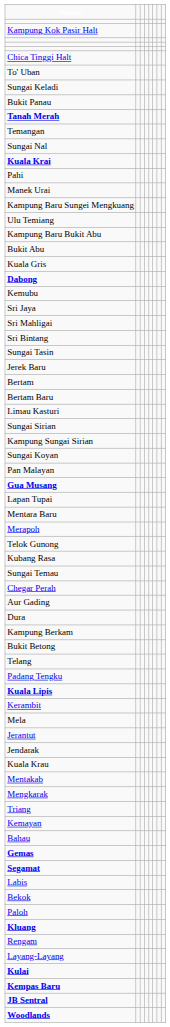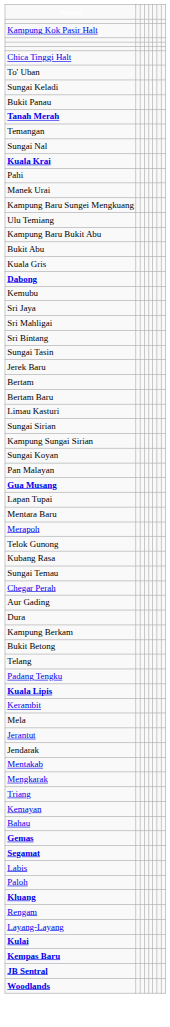 <table class="wikitable sortable" style="margin-left:1em; margin-bottom:1em; color:black; font-size:90%;">
 <tr align="center" style="color:white">
 <td><strong>Name</strong></td>
 <td></td>
 <td></td>
 <td></td>
 <td></td>
 <td></td>
 <td></td>
 <td></td>
 </tr>
 <tr>
 <td><strong></strong></td>
 <td align="center"></td>
 <td align="center"></td>
 <td align="center"></td>
 <td align="center"></td>
 <td></td>
 <td></td>
 <td></td>
 </tr>
 <tr>
 <td><a href='#'>Kampung Kok Pasir Halt</a></td>
 <td></td>
 <td></td>
 <td align="center"></td>
 <td align="center"></td>
 <td></td>
 <td></td>
 <td></td>
 </tr>
 <tr>
 <td><strong></strong></td>
 <td align="center"></td>
 <td align="center"></td>
 <td align="center"></td>
 <td align="center"></td>
 <td></td>
 <td></td>
 <td></td>
 </tr>
 <tr>
 <td></td>
 <td align="center"></td>
 <td align="center"></td>
 <td align="center"></td>
 <td></td>
 <td></td>
 <td></td>
 </tr>
 <tr>
 <td><strong></strong></td>
 <td align="center"></td>
 <td align="center"></td>
 <td align="center"></td>
 <td align="center"></td>
 <td></td>
 <td></td>
 <td></td>
 </tr>
 <tr>
 <td><a href='#'>Chica Tinggi Halt</a></td>
 <td></td>
 <td></td>
 <td align="center"></td>
 <td align="center"></td>
 <td></td>
 <td></td>
 <td></td>
 </tr>
 <tr>
 <td>To' Uban</td>
 <td></td>
 <td align="center"></td>
 <td align="center"></td>
 <td align="center"></td>
 <td></td>
 <td></td>
 <td></td>
 </tr>
 <tr>
 <td>Sungai Keladi</td>
 <td></td>
 <td></td>
 <td align="center"></td>
 <td align="center"></td>
 <td></td>
 <td></td>
 <td></td>
 </tr>
 <tr>
 <td>Bukit Panau</td>
 <td></td>
 <td align="center"></td>
 <td align="center"></td>
 <td align="center"></td>
 <td></td>
 <td></td>
 <td></td>
 </tr>
 <tr>
 <td><strong><a href='#'>Tanah Merah</a></strong></td>
 <td align="center"></td>
 <td align="center"></td>
 <td align="center"></td>
 <td align="center"></td>
 <td></td>
 <td></td>
 <td></td>
 </tr>
 <tr>
 <td>Temangan</td>
 <td align="center"></td>
 <td align="center"></td>
 <td align="center"></td>
 <td align="center"></td>
 <td></td>
 <td></td>
 <td></td>
 </tr>
 <tr>
 <td>Sungai Nal</td>
 <td></td>
 <td></td>
 <td align="center"></td>
 <td align="center"></td>
 <td></td>
 <td></td>
 <td></td>
 </tr>
 <tr>
 <td><strong><a href='#'>Kuala Krai</a></strong></td>
 <td align="center"></td>
 <td align="center"></td>
 <td align="center"></td>
 <td align="center"></td>
 <td></td>
 <td></td>
 <td></td>
 </tr>
 <tr>
 <td>Pahi</td>
 <td></td>
 <td align="center"></td>
 <td align="center"></td>
 <td align="center"></td>
 <td></td>
 <td></td>
 <td></td>
 </tr>
 <tr>
 <td>Manek Urai</td>
 <td></td>
 <td align="center"></td>
 <td align="center"></td>
 <td align="center"></td>
 <td></td>
 <td></td>
 <td></td>
 </tr>
 <tr>
 <td>Kampung Baru Sungei Mengkuang</td>
 <td></td>
 <td align="center"></td>
 <td align="center"></td>
 <td align="center"></td>
 <td></td>
 <td></td>
 <td></td>
 </tr>
 <tr>
 <td>Ulu Temiang</td>
 <td></td>
 <td align="center"></td>
 <td align="center"></td>
 <td align="center"></td>
 <td></td>
 <td></td>
 <td></td>
 </tr>
 <tr>
 <td>Kampung Baru Bukit Abu</td>
 <td></td>
 <td align="center"></td>
 <td align="center"></td>
 <td align="center"></td>
 <td></td>
 <td></td>
 <td></td>
 </tr>
 <tr>
 <td>Bukit Abu</td>
 <td></td>
 <td align="center"></td>
 <td align="center"></td>
 <td align="center"></td>
 <td></td>
 <td></td>
 <td></td>
 </tr>
 <tr>
 <td>Kuala Gris</td>
 <td></td>
 <td align="center"></td>
 <td align="center"></td>
 <td align="center"></td>
 <td></td>
 <td></td>
 <td></td>
 </tr>
 <tr>
 <td><strong><a href='#'>Dabong</a></strong></td>
 <td align="center"></td>
 <td align="center"></td>
 <td align="center"></td>
 <td align="center"></td>
 <td></td>
 <td></td>
 <td></td>
 </tr>
 <tr>
 <td>Kemubu</td>
 <td></td>
 <td align="center"></td>
 <td align="center"></td>
 <td></td>
 <td></td>
 <td></td>
 <td></td>
 </tr>
 <tr>
 <td>Sri Jaya</td>
 <td></td>
 <td align="center"></td>
 <td align="center"></td>
 <td></td>
 <td></td>
 <td></td>
 <td></td>
 </tr>
 <tr>
 <td>Sri Mahligai</td>
 <td></td>
 <td align="center"></td>
 <td align="center"></td>
 <td></td>
 <td></td>
 <td></td>
 <td></td>
 </tr>
 <tr>
 <td>Sri Bintang</td>
 <td></td>
 <td align="center"></td>
 <td align="center"></td>
 <td></td>
 <td></td>
 <td></td>
 <td></td>
 </tr>
 <tr>
 <td>Sungai Tasin</td>
 <td></td>
 <td align="center"></td>
 <td align="center"></td>
 <td></td>
 <td></td>
 <td></td>
 <td></td>
 </tr>
 <tr>
 <td>Jerek Baru</td>
 <td></td>
 <td align="center"></td>
 <td align="center"></td>
 <td></td>
 <td></td>
 <td></td>
 <td></td>
 </tr>
 <tr>
 <td>Bertam</td>
 <td></td>
 <td align="center"></td>
 <td align="center"></td>
 <td></td>
 <td></td>
 <td></td>
 <td></td>
 </tr>
 <tr>
 <td>Bertam Baru</td>
 <td></td>
 <td align="center"></td>
 <td align="center"></td>
 <td></td>
 <td></td>
 <td></td>
 <td></td>
 </tr>
 <tr>
 <td>Limau Kasturi</td>
 <td></td>
 <td align="center"></td>
 <td align="center"></td>
 <td></td>
 <td></td>
 <td></td>
 <td></td>
 </tr>
 <tr>
 <td>Sungai Sirian</td>
 <td></td>
 <td align="center"></td>
 <td align="center"></td>
 <td></td>
 <td></td>
 <td></td>
 <td></td>
 </tr>
 <tr>
 <td>Kampung Sungai Sirian</td>
 <td></td>
 <td align="center"></td>
 <td align="center"></td>
 <td></td>
 <td></td>
 <td></td>
 <td></td>
 </tr>
 <tr>
 <td>Sungai Koyan</td>
 <td></td>
 <td></td>
 <td></td>
 <td></td>
 <td></td>
 <td></td>
 <td></td>
 </tr>
 <tr>
 <td>Pan Malayan</td>
 <td></td>
 <td align="center"></td>
 <td align="center"></td>
 <td></td>
 <td></td>
 <td></td>
 <td></td>
 </tr>
 <tr>
 <td><strong><a href='#'>Gua Musang</a></strong></td>
 <td align="center"></td>
 <td align="center"></td>
 <td align="center"></td>
 <td></td>
 <td align="center"></td>
 <td></td>
 <td></td>
 </tr>
 <tr>
 <td>Lapan Tupai</td>
 <td></td>
 <td></td>
 <td></td>
 <td></td>
 <td></td>
 <td></td>
 <td></td>
 </tr>
 <tr>
 <td>Mentara Baru</td>
 <td></td>
 <td align="center"></td>
 <td></td>
 <td></td>
 <td align="center"></td>
 <td></td>
 <td></td>
 </tr>
 <tr>
 <td><a href='#'>Merapoh</a></td>
 <td align="center"></td>
 <td align="center"></td>
 <td></td>
 <td></td>
 <td align="center"></td>
 <td></td>
 <td></td>
 </tr>
 <tr>
 <td>Telok Gunong</td>
 <td></td>
 <td align="center"></td>
 <td></td>
 <td></td>
 <td align="center"></td>
 <td></td>
 <td></td>
 </tr>
 <tr>
 <td>Kubang Rasa</td>
 <td></td>
 <td></td>
 <td></td>
 <td></td>
 <td></td>
 <td></td>
 <td></td>
 </tr>
 <tr>
 <td>Sungai Temau</td>
 <td></td>
 <td align="center"></td>
 <td></td>
 <td></td>
 <td align="center"></td>
 <td></td>
 <td></td>
 </tr>
 <tr>
 <td><a href='#'>Chegar Perah</a></td>
 <td></td>
 <td align="center"></td>
 <td></td>
 <td></td>
 <td align="center"></td>
 <td></td>
 <td></td>
 </tr>
 <tr>
 <td>Aur Gading</td>
 <td></td>
 <td align="center"></td>
 <td></td>
 <td></td>
 <td align="center"></td>
 <td></td>
 <td></td>
 </tr>
 <tr>
 <td>Dura</td>
 <td></td>
 <td></td>
 <td></td>
 <td></td>
 <td></td>
 <td></td>
 <td></td>
 </tr>
 <tr>
 <td>Kampung Berkam</td>
 <td></td>
 <td align="center"></td>
 <td></td>
 <td></td>
 <td align="center"></td>
 <td></td>
 <td></td>
 </tr>
 <tr>
 <td>Bukit Betong</td>
 <td></td>
 <td align="center"></td>
 <td></td>
 <td></td>
 <td align="center"></td>
 <td></td>
 <td></td>
 </tr>
 <tr>
 <td>Telang</td>
 <td></td>
 <td></td>
 <td></td>
 <td></td>
 <td></td>
 <td></td>
 <td></td>
 </tr>
 <tr>
 <td><a href='#'>Padang Tengku</a></td>
 <td></td>
 <td align="center"></td>
 <td></td>
 <td></td>
 <td align="center"></td>
 <td></td>
 <td></td>
 </tr>
 <tr>
 <td><strong><a href='#'>Kuala Lipis</a></strong></td>
 <td align="center"></td>
 <td align="center"></td>
 <td></td>
 <td></td>
 <td align="center"></td>
 <td align="center"></td>
 <td></td>
 </tr>
 <tr>
 <td><a href='#'>Kerambit</a></td>
 <td align="center"></td>
 <td></td>
 <td></td>
 <td></td>
 <td></td>
 <td align="center"></td>
 <td></td>
 </tr>
 <tr>
 <td>Mela</td>
 <td></td>
 <td></td>
 <td></td>
 <td></td>
 <td></td>
 <td align="center"></td>
 <td></td>
 </tr>
 <tr>
 <td><a href='#'>Jerantut</a></td>
 <td align="center"></td>
 <td></td>
 <td></td>
 <td></td>
 <td></td>
 <td align="center"></td>
 <td></td>
 </tr>
 <tr>
 <td>Jendarak</td>
 <td></td>
 <td></td>
 <td></td>
 <td></td>
 <td></td>
 <td align="center"></td>
 <td></td>
 </tr>
 <tr>
-<td>Kuala Krau</td>
-<td align="center"></td>
-<td></td>
-<td></td>
-<td></td>
-<td></td>
-<td align="center"></td>
-<td></td>
-</tr>
-<tr>
 <td><a href='#'>Mentakab</a></td>
 <td align="center"></td>
 <td></td>
 <td></td>
 <td></td>
 <td></td>
 <td align="center"></td>
 <td></td>
 </tr>
 <tr>
 <td><a href='#'>Mengkarak</a></td>
 <td></td>
 <td></td>
 <td></td>
 <td></td>
 <td></td>
 <td align="center"></td>
 <td></td>
 </tr>
 <tr>
 <td><a href='#'>Triang</a></td>
 <td align="center"></td>
 <td></td>
 <td></td>
 <td></td>
 <td></td>
 <td align="center"></td>
 <td></td>
 </tr>
 <tr>
 <td><a href='#'>Kemayan</a></td>
 <td align="center"></td>
 <td></td>
 <td></td>
 <td></td>
 <td></td>
 <td align="center"></td>
 <td></td>
 </tr>
 <tr>
 <td><a href='#'>Bahau</a></td>
 <td align="center"></td>
 <td></td>
 <td></td>
 <td></td>
 <td></td>
 <td align="center"></td>
 <td></td>
 </tr>
 <tr>
 <td><strong><a href='#'>Gemas</a></strong></td>
 <td align="center"></td>
 <td></td>
 <td></td>
 <td></td>
 <td></td>
 <td align="center"></td>
 <td align="center"></td>
 </tr>
 <tr>
 <td><strong><a href='#'>Segamat</a></strong></td>
 <td align="center"></td>
 <td></td>
 <td></td>
 <td></td>
 <td></td>
 <td></td>
 <td align="center"></td>
 </tr>
 <tr>
 <td><a href='#'>Labis</a></td>
-<td></td>
-<td></td>
-<td></td>
-<td></td>
-<td></td>
-<td></td>
-<td align="center"></td>
-</tr>
-<tr>
-<td><a href='#'>Bekok</a></td>
 <td></td>
 <td></td>
 <td></td>
 <td></td>
 <td></td>
 <td></td>
 <td align="center"></td>
 </tr>
 <tr>
 <td><a href='#'>Paloh</a></td>
 <td></td>
 <td></td>
 <td></td>
 <td></td>
 <td></td>
 <td></td>
 <td align="center"></td>
 </tr>
 <tr>
 <td><strong><a href='#'>Kluang</a></strong></td>
 <td align="center"></td>
 <td></td>
 <td></td>
 <td></td>
 <td></td>
 <td></td>
 <td align="center"></td>
 </tr>
 <tr>
 <td><a href='#'>Rengam</a></td>
 <td></td>
 <td></td>
 <td></td>
 <td></td>
 <td></td>
 <td></td>
 <td align="center"></td>
 </tr>
 <tr>
 <td><a href='#'>Layang-Layang</a></td>
 <td></td>
 <td></td>
 <td></td>
 <td></td>
 <td></td>
 <td></td>
 <td align="center"></td>
 </tr>
 <tr>
 <td><strong><a href='#'>Kulai</a></strong></td>
 <td align="center"></td>
 <td></td>
 <td></td>
 <td></td>
 <td></td>
 <td></td>
 <td align="center"></td>
 </tr>
 <tr>
 <td><strong><a href='#'>Kempas Baru</a></strong></td>
 <td align="center"></td>
 <td></td>
 <td></td>
 <td></td>
 <td></td>
 <td></td>
 <td align="center"></td>
 </tr>
 <tr>
 <td><strong><a href='#'>JB Sentral</a></strong></td>
 <td align="center"></td>
 <td></td>
 <td></td>
 <td></td>
 <td></td>
 <td></td>
 <td align="center"></td>
 </tr>
 <tr>
 <td><a href='#'><strong>Woodlands</strong></a></td>
 <td></td>
 <td></td>
 <td></td>
 <td></td>
 <td></td>
 <td></td>
 <td></td>
 </tr>
 </table>
